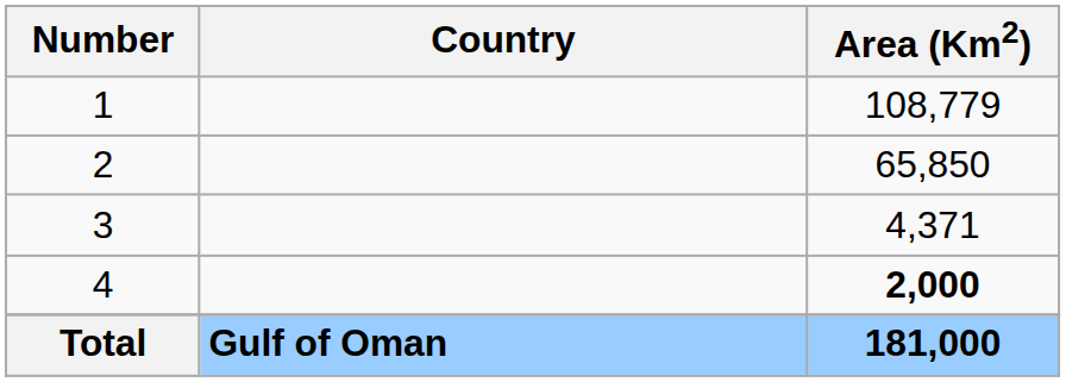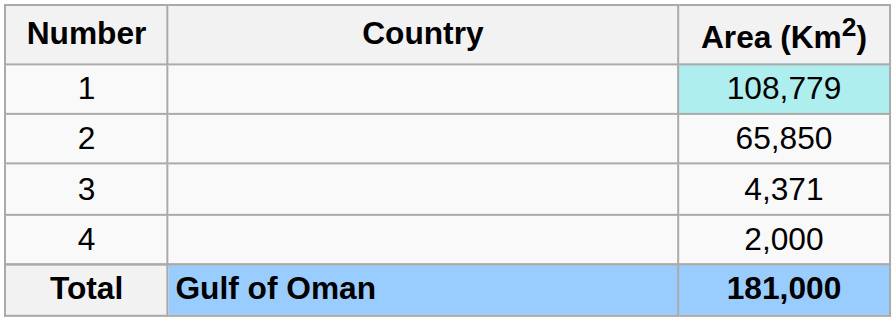 <table class="wikitable" style="font-size:100%">
 <tr>
 <th width=75>Number</th>
 <th width=250>Country</th>
 <th width=100>Area (Km<sup>2</sup>)</th>
 </tr>
 <tr>
 <td align=center>1</td>
 <td><strong></strong></td>
-<td align=center>108,779</td>
+<td align=center style="background: paleturquoise;">108,779</td>
 </tr>
 <tr>
 <td align=center>2</td>
 <td><strong></strong></td>
 <td align=center>65,850</td>
 </tr>
 <tr>
 <td align=center>3</td>
 <td><strong></strong></td>
 <td align=center>4,371</td>
 </tr>
 <tr>
 <td align=center>4</td>
 <td><strong></strong></td>
-<td align=center><strong>2,000</strong></td>
+<td align=center>2,000</td>
 </tr>
 <tr>
 </tr>
 <tr style="background:#9acdff;">
 <th>Total</th>
 <td><strong>Gulf of Oman</strong></td>
 <td align=center><strong>181,000</strong></td>
 </tr>
 </table>
